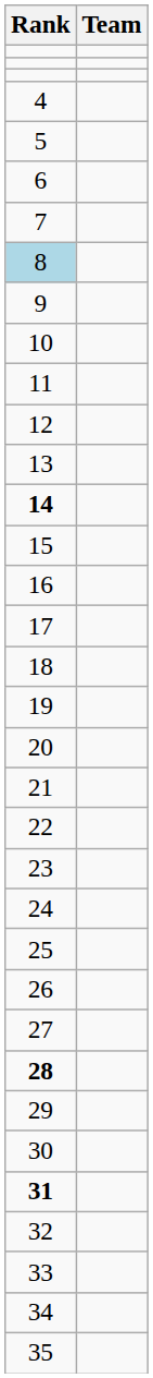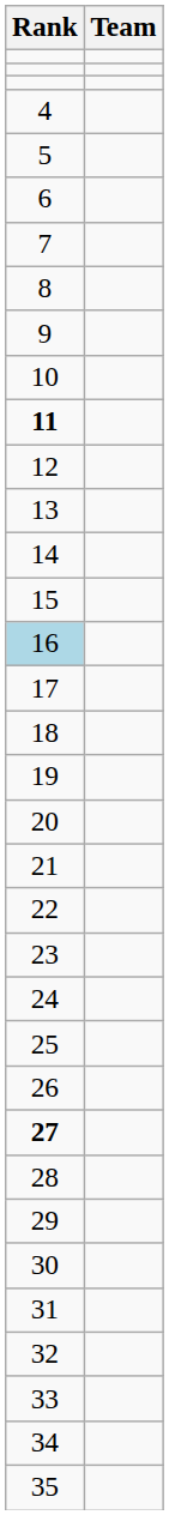 <table class="wikitable">
 <tr>
 <th>Rank</th>
 <th>Team</th>
 </tr>
 <tr>
 <td align=center></td>
 <td></td>
 </tr>
 <tr>
 <td align=center></td>
 <td></td>
 </tr>
 <tr>
 <td align=center></td>
 <td></td>
 </tr>
 <tr>
 <td align=center>4</td>
 <td></td>
 </tr>
 <tr>
 <td align=center>5</td>
 <td></td>
 </tr>
 <tr>
 <td align=center>6</td>
 <td></td>
 </tr>
 <tr>
 <td align=center>7</td>
 <td></td>
 </tr>
 <tr>
-<td align=center style="background: lightblue;">8</td>
+<td align=center>8</td>
 <td></td>
 </tr>
 <tr>
 <td align=center>9</td>
 <td></td>
 </tr>
 <tr>
 <td align=center>10</td>
 <td></td>
 </tr>
 <tr>
-<td align=center>11</td>
+<td align=center><strong>11</strong></td>
 <td></td>
 </tr>
 <tr>
 <td align=center>12</td>
 <td></td>
 </tr>
 <tr>
 <td align=center>13</td>
 <td></td>
 </tr>
 <tr>
-<td align=center><strong>14</strong></td>
+<td align=center>14</td>
 <td></td>
 </tr>
 <tr>
 <td align=center>15</td>
 <td></td>
 </tr>
 <tr>
-<td align=center>16</td>
+<td align=center style="background: lightblue;">16</td>
 <td></td>
 </tr>
 <tr>
 <td align=center>17</td>
 <td></td>
 </tr>
 <tr>
 <td align=center>18</td>
 <td></td>
 </tr>
 <tr>
 <td align=center>19</td>
 <td></td>
 </tr>
 <tr>
 <td align=center>20</td>
 <td></td>
 </tr>
 <tr>
 <td align=center>21</td>
 <td></td>
 </tr>
 <tr>
 <td align=center>22</td>
 <td></td>
 </tr>
 <tr>
 <td align=center>23</td>
 <td></td>
 </tr>
 <tr>
 <td align=center>24</td>
 <td></td>
 </tr>
 <tr>
 <td align=center>25</td>
 <td></td>
 </tr>
 <tr>
 <td align=center>26</td>
 <td></td>
 </tr>
 <tr>
-<td align=center>27</td>
+<td align=center><strong>27</strong></td>
 <td></td>
 </tr>
 <tr>
-<td align=center><strong>28</strong></td>
+<td align=center>28</td>
 <td></td>
 </tr>
 <tr>
 <td align=center>29</td>
 <td></td>
 </tr>
 <tr>
 <td align=center>30</td>
 <td></td>
 </tr>
 <tr>
-<td align=center><strong>31</strong></td>
+<td align=center>31</td>
 <td></td>
 </tr>
 <tr>
 <td align=center>32</td>
 <td></td>
 </tr>
 <tr>
 <td align=center>33</td>
 <td></td>
 </tr>
 <tr>
 <td align=center>34</td>
 <td></td>
 </tr>
 <tr>
 <td align=center>35</td>
 <td></td>
 </tr>
 </table>
